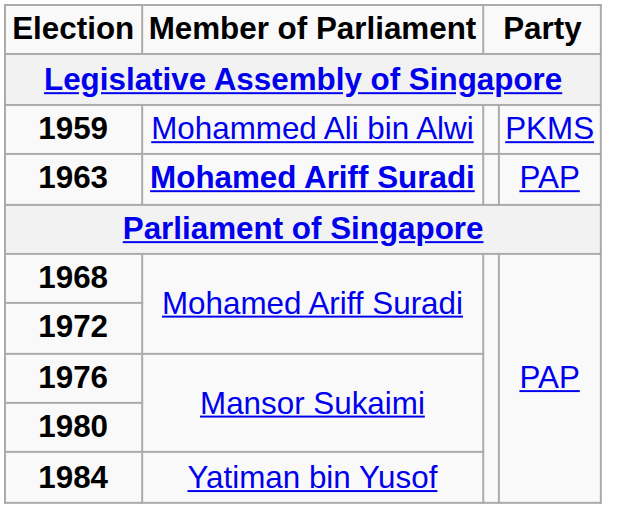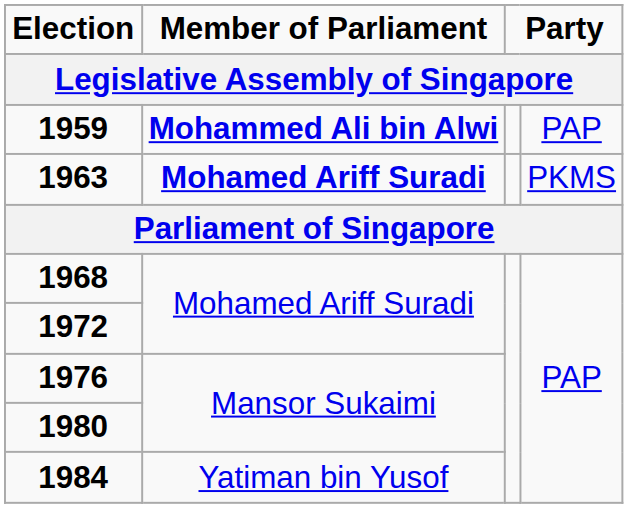 <table class="wikitable" align="center" style="text-align:center">
 <tr>
 <td><strong>Election </strong></td>
 <td><strong>Member of Parliament</strong></td>
 <td colspan="2"><strong>Party</strong></td>
 </tr>
 <tr>
 <th colspan="4"><a href='#'>Legislative Assembly of Singapore</a></th>
 </tr>
 <tr>
 <td><strong>1959</strong></td>
-<td><a href='#'>Mohammed Ali bin Alwi</a></td>
+<td><strong><a href='#'>Mohammed Ali bin Alwi</a></strong></td>
 <td></td>
-<td><a href='#'>PKMS</a></td>
+<td><a href='#'>PAP</a></td>
 </tr>
 <tr>
 <td><strong>1963</strong></td>
 <td><strong><a href='#'>Mohamed Ariff Suradi</a></strong></td>
 <td></td>
-<td><a href='#'>PAP</a></td>
+<td><a href='#'>PKMS</a></td>
 </tr>
 <tr>
 <th colspan="4"><a href='#'>Parliament of Singapore</a></th>
 </tr>
 <tr>
 <td><strong>1968</strong></td>
 <td rowspan="2"><a href='#'>Mohamed Ariff Suradi</a></td>
 <td rowspan="5"></td>
 <td rowspan="5"><a href='#'>PAP</a></td>
 </tr>
 <tr>
 <td><strong>1972</strong></td>
 </tr>
 <tr>
 <td><strong>1976</strong></td>
 <td rowspan="2"><a href='#'>Mansor Sukaimi</a></td>
 </tr>
 <tr>
 <td><strong>1980</strong></td>
 </tr>
 <tr>
 <td><strong>1984</strong></td>
 <td><a href='#'>Yatiman bin Yusof</a></td>
 </tr>
 </table>
